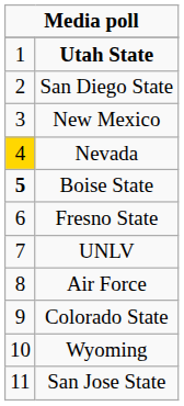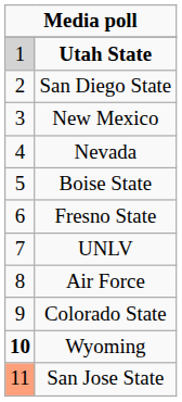 <table class="wikitable">
 <tr align="center">
 <td align="center" Colspan="3"><strong>Media poll</strong></td>
 </tr>
 <tr align="center">
 </tr>
 <tr align="center">
-<td>1</td>
+<td style="background: lightgrey;">1</td>
 <td><strong>Utah State</strong></td>
 </tr>
 <tr align="center">
 <td>2</td>
 <td>San Diego State</td>
 </tr>
 <tr align="center">
 <td>3</td>
 <td>New Mexico</td>
 </tr>
 <tr align="center">
-<td style="background: gold;">4</td>
+<td>4</td>
 <td>Nevada</td>
 </tr>
 <tr align="center">
-<td><strong>5</strong></td>
+<td>5</td>
 <td>Boise State</td>
 </tr>
 <tr align="center">
 <td>6</td>
 <td>Fresno State</td>
 </tr>
 <tr align="center">
 <td>7</td>
 <td>UNLV</td>
 </tr>
 <tr align="center">
 <td>8</td>
 <td>Air Force</td>
 </tr>
 <tr align="center">
 <td>9</td>
 <td>Colorado State</td>
 </tr>
 <tr align="center">
-<td>10</td>
+<td><strong>10</strong></td>
 <td>Wyoming</td>
 </tr>
 <tr align="center">
-<td>11</td>
+<td style="background: lightsalmon;">11</td>
 <td>San Jose State</td>
 </tr>
 </table>
